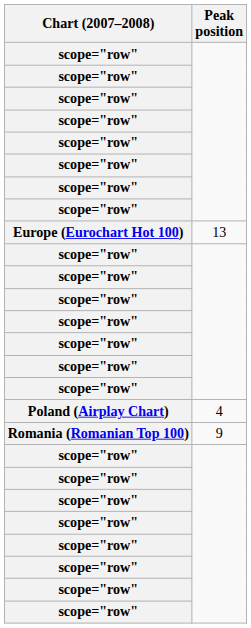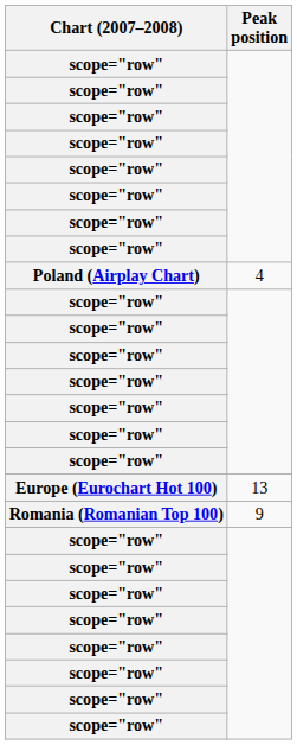 <table class="wikitable sortable plainrowheaders" style="text-align:center">
 <tr>
 <th scope="col">Chart (2007–2008)</th>
 <th scope="col">Peak<br>position</th>
 </tr>
 <tr>
 <th>scope="row" </th>
 </tr>
 <tr>
 <th>scope="row" </th>
 </tr>
 <tr>
 <th>scope="row" </th>
 </tr>
 <tr>
 <th>scope="row" </th>
 </tr>
 <tr>
 <th>scope="row" </th>
 </tr>
 <tr>
 <th>scope="row" </th>
 </tr>
 <tr>
 <th>scope="row" </th>
 </tr>
 <tr>
 <th>scope="row" </th>
 </tr>
 <tr>
-<th scope="row">Europe (<a href='#'>Eurochart Hot 100</a>)</th>
-<td>13</td>
+<th scope="row">Poland (<a href='#'>Airplay Chart</a>)</th>
+<td>4</td>
 </tr>
 <tr>
 <th>scope="row" </th>
 </tr>
 <tr>
 <th>scope="row" </th>
 </tr>
 <tr>
 <th>scope="row" </th>
 </tr>
 <tr>
 <th>scope="row" </th>
 </tr>
 <tr>
 <th>scope="row" </th>
 </tr>
 <tr>
 <th>scope="row" </th>
 </tr>
 <tr>
 <th>scope="row" </th>
 </tr>
 <tr>
-<th scope="row">Poland (<a href='#'>Airplay Chart</a>)</th>
-<td>4</td>
+<th scope="row">Europe (<a href='#'>Eurochart Hot 100</a>)</th>
+<td>13</td>
 </tr>
 <tr>
 <th scope="row">Romania (<a href='#'>Romanian Top 100</a>)</th>
 <td>9</td>
 </tr>
 <tr>
 <th>scope="row" </th>
 </tr>
 <tr>
 <th>scope="row" </th>
 </tr>
 <tr>
 <th>scope="row" </th>
 </tr>
 <tr>
 <th>scope="row" </th>
 </tr>
 <tr>
 <th>scope="row" </th>
 </tr>
 <tr>
 <th>scope="row" </th>
 </tr>
 <tr>
 <th>scope="row" </th>
 </tr>
 <tr>
 <th>scope="row" </th>
 </tr>
 </table>
